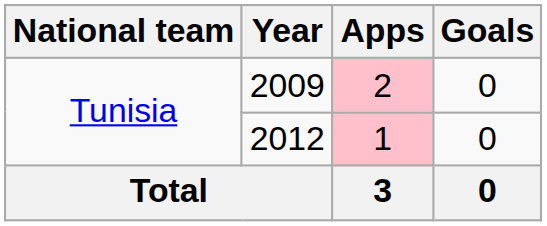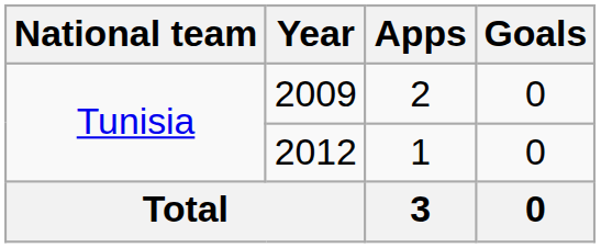 <table class="wikitable" style="text-align:center">
 <tr>
 <th>National team</th>
 <th>Year</th>
 <th>Apps</th>
 <th>Goals</th>
 </tr>
 <tr>
 <td rowspan="2"><a href='#'>Tunisia</a></td>
 <td>2009</td>
-<td style="background: pink;">2</td>
+<td>2</td>
 <td>0</td>
 </tr>
 <tr>
 <td>2012</td>
-<td style="background: pink;">1</td>
+<td>1</td>
 <td>0</td>
 </tr>
 <tr>
 <th colspan="2">Total</th>
 <th>3</th>
 <th>0</th>
 </tr>
 </table>
